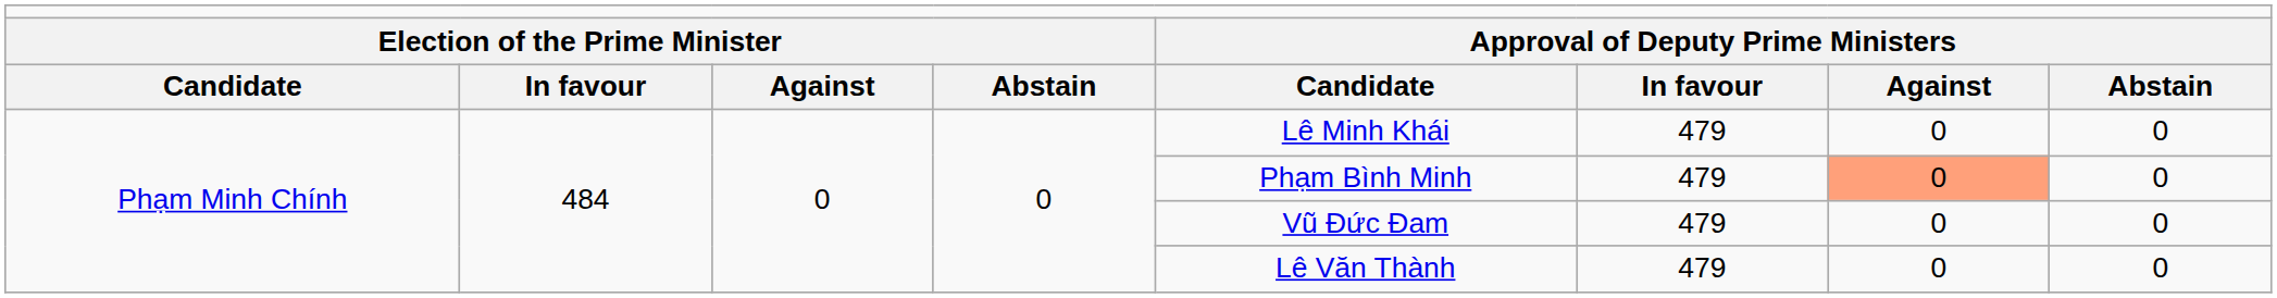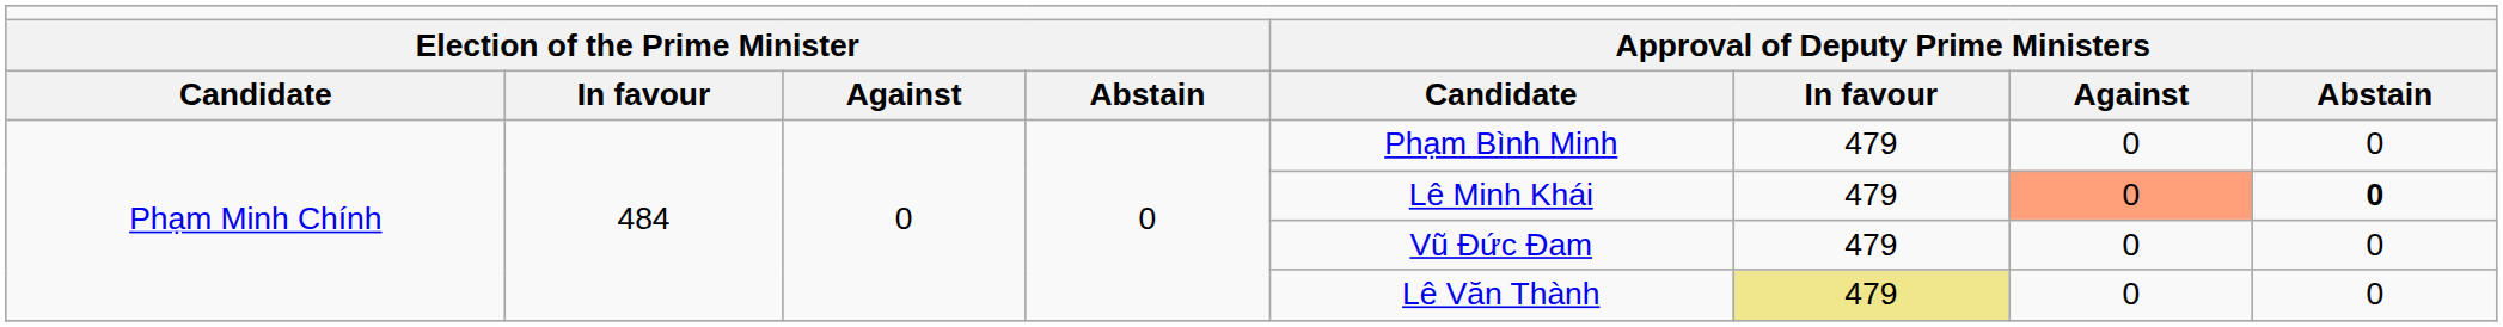 <table class="wikitable" width="100%" style="text-align: center;">
 <tr>
 <td colspan="8"></td>
 </tr>
 <tr>
 <th colspan="4">Election of the Prime Minister</th>
 <th colspan="4">Approval of Deputy Prime Ministers</th>
 </tr>
 <tr>
 <th>Candidate</th>
 <th>In favour</th>
 <th>Against</th>
 <th>Abstain</th>
 <th>Candidate</th>
 <th>In favour</th>
 <th>Against</th>
 <th>Abstain</th>
 </tr>
 <tr>
 <td rowspan="4"><a href='#'>Phạm Minh Chính</a></td>
 <td rowspan="4">484</td>
 <td rowspan="4">0</td>
 <td rowspan="4">0</td>
-<td><a href='#'>Lê Minh Khái</a></td>
+<td><a href='#'>Phạm Bình Minh</a></td>
 <td>479</td>
 <td>0</td>
 <td>0</td>
 </tr>
 <tr>
-<td><a href='#'>Phạm Bình Minh</a></td>
+<td><a href='#'>Lê Minh Khái</a></td>
 <td>479</td>
 <td style="background: lightsalmon;">0</td>
-<td>0</td>
+<td><strong>0</strong></td>
 </tr>
 <tr>
 <td><a href='#'>Vũ Đức Đam</a></td>
 <td>479</td>
 <td>0</td>
 <td>0</td>
 </tr>
 <tr>
 <td><a href='#'>Lê Văn Thành</a></td>
-<td>479</td>
+<td style="background: khaki;">479</td>
 <td>0</td>
 <td>0</td>
 </tr>
 </table>
